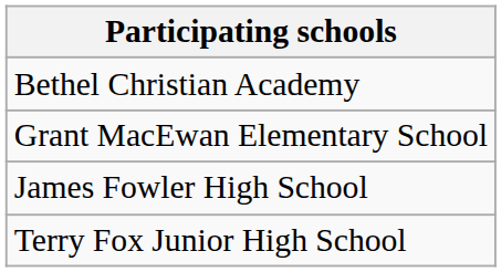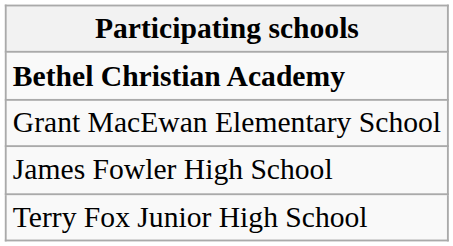 <table class="wikitable" align=right>
 <tr>
 <th>Participating schools</th>
 </tr>
 <tr>
-<td>Bethel Christian Academy</td>
+<td><strong>Bethel Christian Academy</strong></td>
 </tr>
 <tr>
 <td>Grant MacEwan Elementary School</td>
 </tr>
 <tr>
 <td>James Fowler High School</td>
 </tr>
 <tr>
 <td>Terry Fox Junior High School</td>
 </tr>
 </table>
